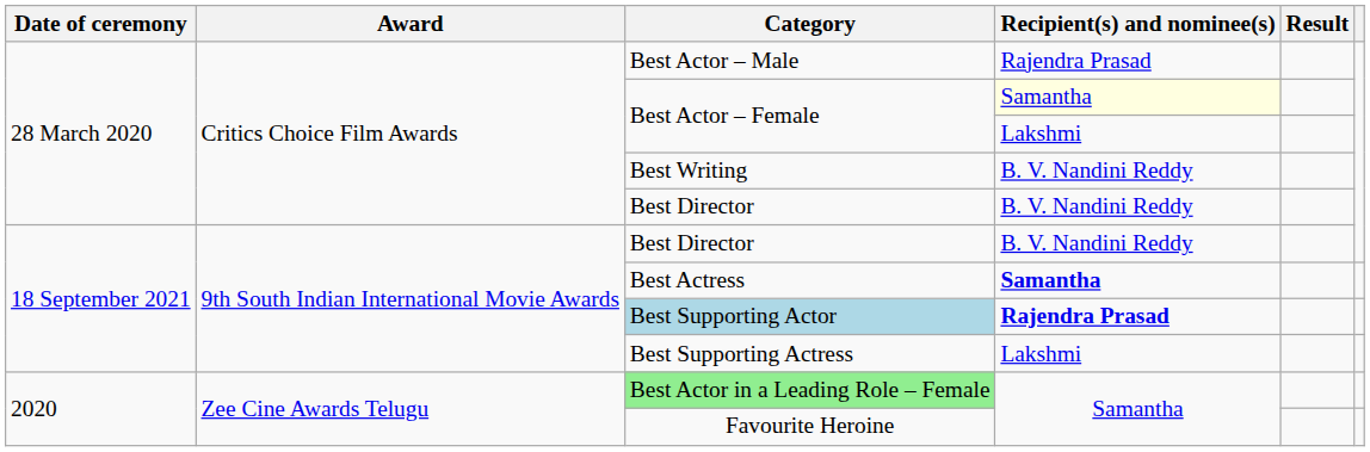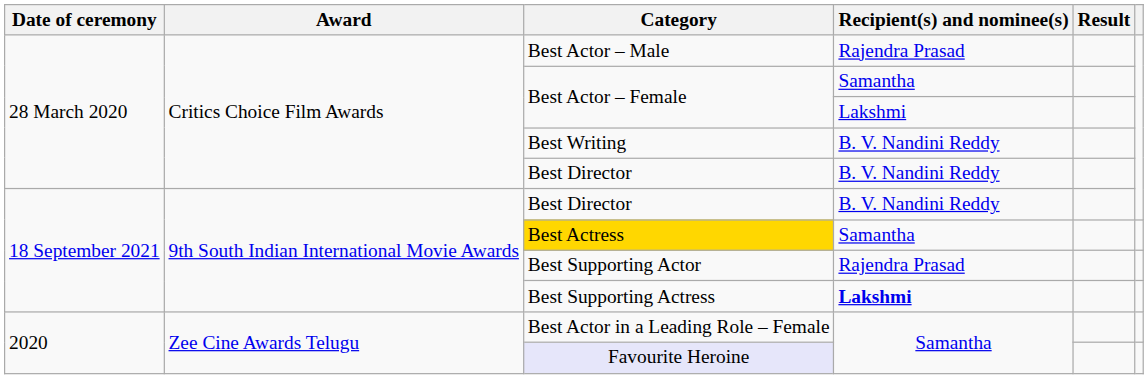 <table class="wikitable sortable">
 <tr>
 <th>Date of ceremony</th>
 <th>Award</th>
 <th>Category</th>
 <th>Recipient(s) and nominee(s)</th>
 <th>Result</th>
 <th></th>
 </tr>
 <tr>
 <td rowspan="5">28 March 2020</td>
 <td rowspan="5">Critics Choice Film Awards</td>
 <td>Best Actor – Male</td>
 <td><a href='#'>Rajendra Prasad</a></td>
 <td></td>
 <td rowspan="6"></td>
 </tr>
 <tr>
 <td rowspan="2">Best Actor – Female</td>
-<td style="background: lightyellow;"><a href='#'>Samantha</a></td>
+<td><a href='#'>Samantha</a></td>
 <td></td>
 </tr>
 <tr>
 <td><a href='#'>Lakshmi</a></td>
 <td></td>
 </tr>
 <tr>
 <td>Best Writing</td>
 <td><a href='#'>B. V. Nandini Reddy</a></td>
 <td></td>
 </tr>
 <tr>
 <td>Best Director</td>
 <td><a href='#'>B. V. Nandini Reddy</a></td>
 <td></td>
 </tr>
 <tr>
 <td rowspan="4"><a href='#'>18 September 2021</a></td>
 <td rowspan="4"><a href='#'>9th South Indian International Movie Awards</a></td>
 <td>Best Director</td>
 <td><a href='#'>B. V. Nandini Reddy</a></td>
 <td></td>
 </tr>
 <tr>
-<td>Best Actress</td>
-<td><strong><a href='#'>Samantha</a></strong></td>
+<td style="background: gold;">Best Actress</td>
+<td><a href='#'>Samantha</a></td>
 <td></td>
 <td></td>
 </tr>
 <tr>
-<td style="background: lightblue;">Best Supporting Actor</td>
-<td><strong><a href='#'>Rajendra Prasad</a></strong></td>
+<td>Best Supporting Actor</td>
+<td><a href='#'>Rajendra Prasad</a></td>
 <td></td>
 <td></td>
 </tr>
 <tr>
 <td>Best Supporting Actress</td>
-<td><a href='#'>Lakshmi</a></td>
+<td><strong><a href='#'>Lakshmi</a></strong></td>
 <td></td>
 <td></td>
 </tr>
 <tr>
 <td rowspan="2">2020</td>
 <td rowspan="2"><a href='#'>Zee Cine Awards Telugu</a></td>
-<td style="background: lightgreen; text-align:center;">Best Actor in a Leading Role – Female</td>
+<td style="text-align:center;">Best Actor in a Leading Role – Female</td>
 <td rowspan="2" style="text-align:center;"><a href='#'>Samantha</a></td>
 <td></td>
 <td></td>
 </tr>
 <tr>
-<td style="text-align:center;">Favourite Heroine</td>
+<td style="background: lavender; text-align:center;">Favourite Heroine</td>
 <td></td>
 <td></td>
 </tr>
 </table>
